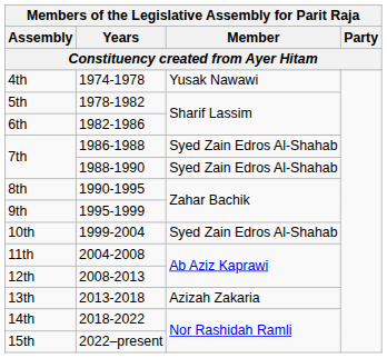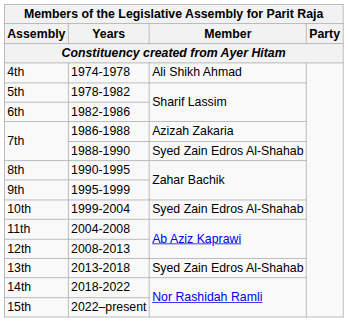 <table class=wikitable>
 <tr>
 <th colspan=4>Members of the Legislative Assembly for Parit Raja</th>
 </tr>
 <tr>
 <th>Assembly</th>
 <th>Years</th>
 <th>Member</th>
 <th>Party</th>
 </tr>
 <tr>
 <th colspan=4 align=center><em>Constituency created from Ayer Hitam</em></th>
 </tr>
 <tr>
 <td>4th</td>
 <td>1974-1978</td>
-<td>Yusak Nawawi</td>
+<td>Ali Shikh Ahmad</td>
 <td rowspan="14"></td>
 </tr>
 <tr>
 <td>5th</td>
 <td>1978-1982</td>
 <td rowspan="2">Sharif Lassim</td>
 </tr>
 <tr>
 <td>6th</td>
 <td>1982-1986</td>
 </tr>
 <tr>
 <td rowspan="2">7th</td>
 <td>1986-1988</td>
-<td>Syed Zain Edros Al-Shahab</td>
+<td>Azizah Zakaria</td>
 </tr>
 <tr>
 <td>1988-1990</td>
 <td>Syed Zain Edros Al-Shahab</td>
 </tr>
 <tr>
 <td>8th</td>
 <td>1990-1995</td>
 <td rowspan="2">Zahar Bachik</td>
 </tr>
 <tr>
 <td>9th</td>
 <td>1995-1999</td>
 </tr>
 <tr>
 <td>10th</td>
 <td>1999-2004</td>
 <td>Syed Zain Edros Al-Shahab</td>
 </tr>
 <tr>
 <td>11th</td>
 <td>2004-2008</td>
 <td rowspan="2"><a href='#'>Ab Aziz Kaprawi</a></td>
 </tr>
 <tr>
 <td>12th</td>
 <td>2008-2013</td>
 </tr>
 <tr>
 <td>13th</td>
 <td>2013-2018</td>
-<td>Azizah Zakaria</td>
+<td>Syed Zain Edros Al-Shahab</td>
 </tr>
 <tr>
 <td>14th</td>
 <td>2018-2022</td>
 <td rowspan="2"><a href='#'>Nor Rashidah Ramli</a></td>
 </tr>
 <tr>
 <td>15th</td>
 <td>2022–present</td>
 </tr>
 </table>
